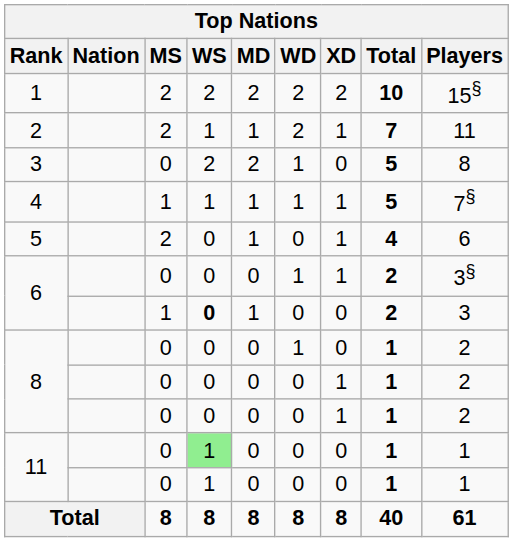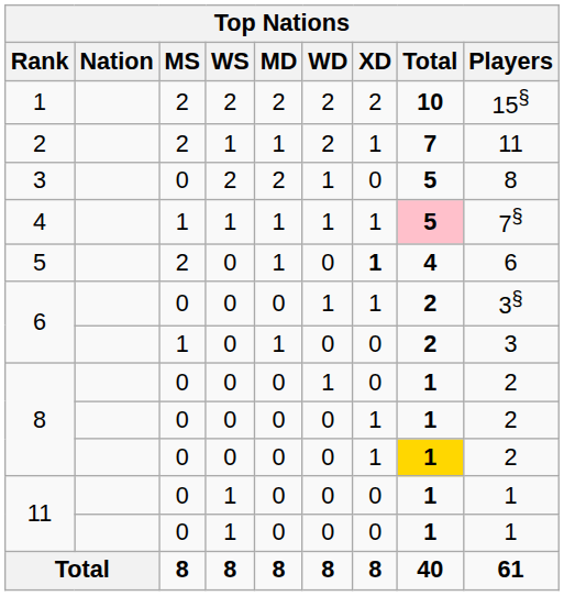 <table class="wikitable" style="text-align:center">
 <tr>
 <th colspan=10>Top Nations</th>
 </tr>
 <tr>
 <th>Rank</th>
 <th>Nation</th>
 <th>MS</th>
 <th>WS</th>
 <th>MD</th>
 <th>WD</th>
 <th>XD</th>
 <th>Total</th>
 <th>Players</th>
 </tr>
 <tr>
 <td>1</td>
 <td align=left></td>
 <td>2</td>
 <td>2</td>
 <td>2</td>
 <td>2</td>
 <td>2</td>
 <td><strong>10</strong></td>
 <td>15<sup>§</sup></td>
 </tr>
 <tr>
 <td>2</td>
 <td align=left></td>
 <td>2</td>
 <td>1</td>
 <td>1</td>
 <td>2</td>
 <td>1</td>
 <td><strong>7</strong></td>
 <td>11</td>
 </tr>
 <tr align=center>
 <td>3</td>
 <td align=left></td>
 <td>0</td>
 <td>2</td>
 <td>2</td>
 <td>1</td>
 <td>0</td>
 <td><strong>5</strong></td>
 <td>8</td>
 </tr>
 <tr align=center>
 <td>4</td>
 <td align=left></td>
 <td>1</td>
 <td>1</td>
 <td>1</td>
 <td>1</td>
 <td>1</td>
-<td><strong>5</strong></td>
+<td style="background: pink;"><strong>5</strong></td>
 <td>7<sup>§</sup></td>
 </tr>
 <tr align=center>
 <td>5</td>
 <td align=left></td>
 <td>2</td>
 <td>0</td>
 <td>1</td>
 <td>0</td>
-<td>1</td>
+<td><strong>1</strong></td>
 <td><strong>4</strong></td>
 <td>6</td>
 </tr>
 <tr align=center>
 <td rowspan=2>6</td>
 <td align=left></td>
 <td>0</td>
 <td>0</td>
 <td>0</td>
 <td>1</td>
 <td>1</td>
 <td><strong>2</strong></td>
 <td>3<sup>§</sup></td>
 </tr>
 <tr align=center>
 <td align=left></td>
 <td>1</td>
-<td><strong>0</strong></td>
+<td>0</td>
 <td>1</td>
 <td>0</td>
 <td>0</td>
 <td><strong>2</strong></td>
 <td>3</td>
 </tr>
 <tr align=center>
 <td rowspan=3>8</td>
 <td align=left></td>
 <td>0</td>
 <td>0</td>
 <td>0</td>
 <td>1</td>
 <td>0</td>
 <td><strong>1</strong></td>
 <td>2</td>
 </tr>
 <tr align=center>
 <td align=left></td>
 <td>0</td>
 <td>0</td>
 <td>0</td>
 <td>0</td>
 <td>1</td>
 <td><strong>1</strong></td>
 <td>2</td>
 </tr>
 <tr align=center>
 <td align=left></td>
 <td>0</td>
 <td>0</td>
 <td>0</td>
 <td>0</td>
 <td>1</td>
-<td><strong>1</strong></td>
+<td style="background: gold;"><strong>1</strong></td>
 <td>2</td>
 </tr>
 <tr align=center>
 <td rowspan=2>11</td>
 <td align=left></td>
 <td>0</td>
-<td style="background: lightgreen;">1</td>
+<td>1</td>
 <td>0</td>
 <td>0</td>
 <td>0</td>
 <td><strong>1</strong></td>
 <td>1</td>
 </tr>
 <tr align=center>
 <td align=left></td>
 <td>0</td>
 <td>1</td>
 <td>0</td>
 <td>0</td>
 <td>0</td>
 <td><strong>1</strong></td>
 <td>1</td>
 </tr>
 <tr>
 <th colspan=2>Total</th>
 <td><strong>8</strong></td>
 <td><strong>8</strong></td>
 <td><strong>8</strong></td>
 <td><strong>8</strong></td>
 <td><strong>8</strong></td>
 <td><strong>40</strong></td>
 <td><strong>61</strong></td>
 </tr>
 </table>
